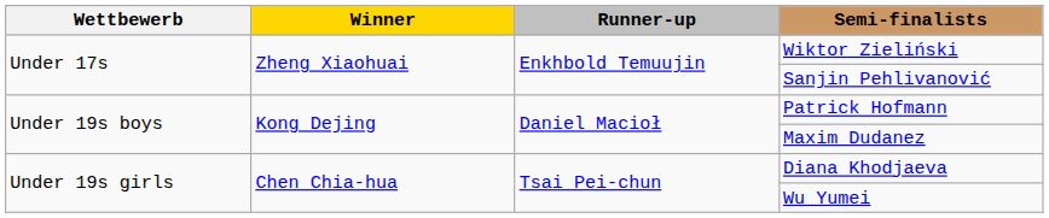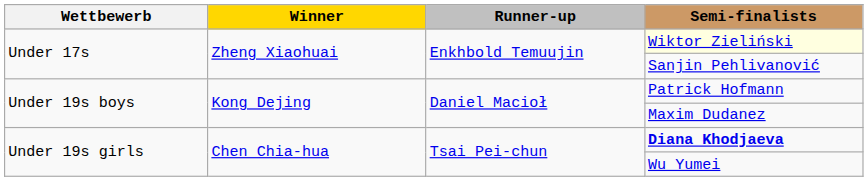 <table class="wikitable sortable">
 <tr style="background:#EFEFEF;">
 <th style="width:13em">Wettbewerb</th>
 <th style="background:gold; width:14em;">Winner</th>
 <th style="background:silver; width:14em;">Runner-up</th>
 <th style="background:#CC9966; width:14em;">Semi-finalists</th>
 </tr>
 <tr>
 <td rowspan="2">Under 17s</td>
 <td rowspan="2"> <a href='#'>Zheng Xiaohuai</a></td>
 <td rowspan="2"> <a href='#'>Enkhbold Temuujin</a></td>
-<td> <a href='#'>Wiktor Zieliński</a></td>
+<td style="background: lightyellow;"> <a href='#'>Wiktor Zieliński</a></td>
 </tr>
 <tr>
 <td> <a href='#'>Sanjin Pehlivanović</a></td>
 </tr>
 <tr>
 <td rowspan="2">Under 19s boys</td>
 <td rowspan="2"> <a href='#'>Kong Dejing</a></td>
 <td rowspan="2"> <a href='#'>Daniel Macioł</a></td>
 <td> <a href='#'>Patrick Hofmann</a></td>
 </tr>
 <tr>
 <td> <a href='#'>Maxim Dudanez</a></td>
 </tr>
 <tr>
 <td rowspan="2">Under 19s girls</td>
 <td rowspan="2"> <a href='#'>Chen Chia-hua</a></td>
 <td rowspan="2"> <a href='#'>Tsai Pei-chun</a></td>
-<td> <a href='#'>Diana Khodjaeva</a></td>
+<td><strong> <a href='#'>Diana Khodjaeva</a></strong></td>
 </tr>
 <tr>
 <td> <a href='#'>Wu Yumei</a></td>
 </tr>
 </table>
